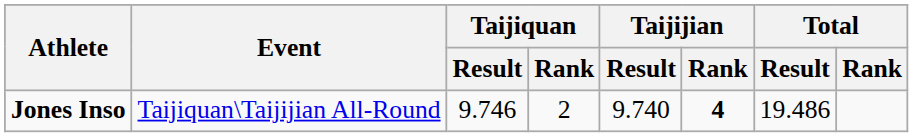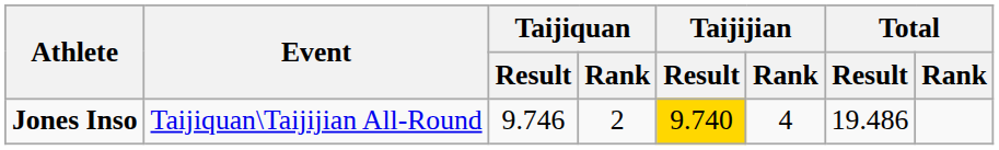 <table class=wikitable style="font-size:90%">
 <tr>
 <th rowspan="2">Athlete</th>
 <th rowspan="2">Event</th>
 <th colspan="2">Taijiquan</th>
 <th colspan="2">Taijijian</th>
 <th colspan="2">Total</th>
 </tr>
 <tr>
 <th>Result</th>
 <th>Rank</th>
 <th>Result</th>
 <th>Rank</th>
 <th>Result</th>
 <th>Rank</th>
 </tr>
 <tr>
 <td><strong>Jones Inso</strong></td>
 <td rowspan=2><a href='#'>Taijiquan\Taijijian All-Round</a></td>
 <td align=center>9.746</td>
 <td align=center>2</td>
-<td align=center>9.740</td>
-<td align=center><strong>4</strong></td>
+<td align=center style="background: gold;">9.740</td>
+<td align=center>4</td>
 <td align=center>19.486</td>
 <td align=center></td>
 </tr>
 </table>
